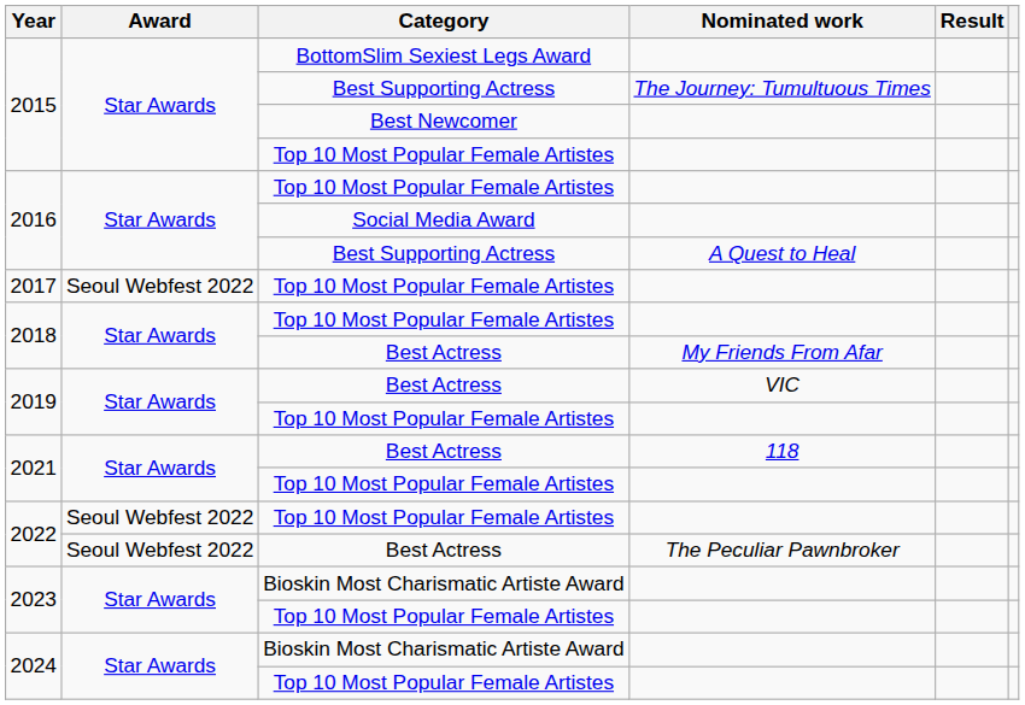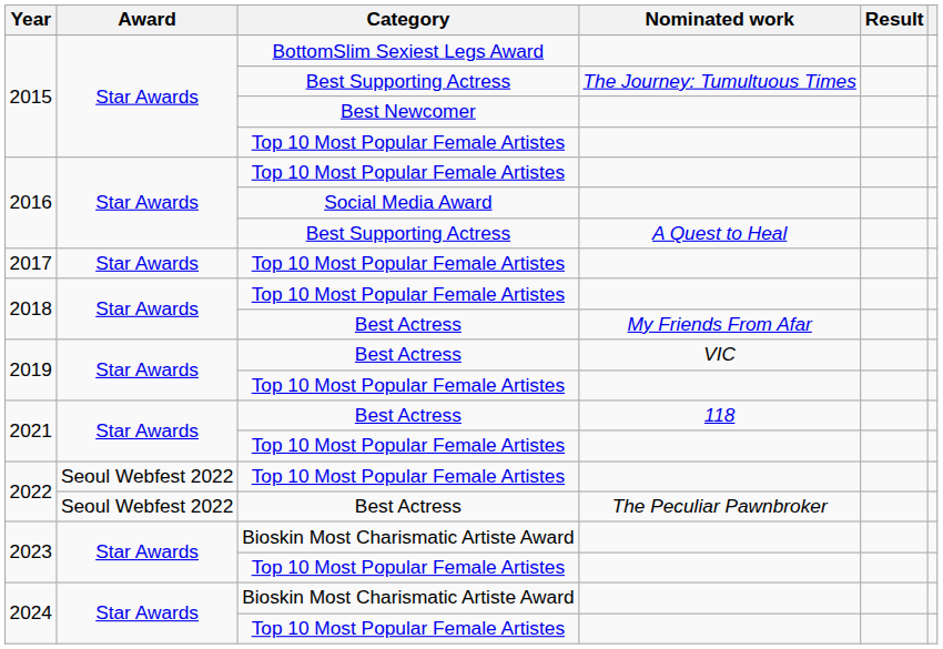 <table class="wikitable sortable" style="text-align: center">
 <tr>
 <th scope="col">Year</th>
 <th scope="col">Award</th>
 <th scope="col">Category</th>
 <th scope="col">Nominated work</th>
 <th scope="col">Result</th>
 <th scope="col" class="unsortable"></th>
 </tr>
 <tr>
 <td rowspan="4">2015</td>
 <td rowspan="4"><a href='#'>Star Awards</a></td>
 <td><a href='#'>BottomSlim Sexiest Legs Award</a></td>
 <td></td>
 <td></td>
 <td></td>
 </tr>
 <tr>
 <td><a href='#'>Best Supporting Actress</a></td>
 <td><em><a href='#'>The Journey: Tumultuous Times</a></em> </td>
 <td></td>
 <td></td>
 </tr>
 <tr>
 <td><a href='#'>Best Newcomer</a></td>
 <td></td>
 <td></td>
 <td></td>
 </tr>
 <tr>
 <td><a href='#'>Top 10 Most Popular Female Artistes</a></td>
 <td></td>
 <td></td>
 <td></td>
 </tr>
 <tr>
 <td rowspan="3">2016</td>
 <td rowspan="3"><a href='#'>Star Awards</a></td>
 <td><a href='#'>Top 10 Most Popular Female Artistes</a></td>
 <td></td>
 <td></td>
 <td></td>
 </tr>
 <tr>
 <td><a href='#'>Social Media Award</a></td>
 <td></td>
 <td></td>
 <td></td>
 </tr>
 <tr>
 <td><a href='#'>Best Supporting Actress</a></td>
 <td><em><a href='#'>A Quest to Heal</a></em> </td>
 <td></td>
 <td></td>
 </tr>
 <tr>
 <td>2017</td>
-<td>Seoul Webfest 2022</td>
+<td><a href='#'>Star Awards</a></td>
 <td><a href='#'>Top 10 Most Popular Female Artistes</a></td>
 <td></td>
 <td></td>
 <td></td>
 </tr>
 <tr>
 <td rowspan="2">2018</td>
 <td rowspan="2"><a href='#'>Star Awards</a></td>
 <td><a href='#'>Top 10 Most Popular Female Artistes</a></td>
 <td></td>
 <td></td>
 <td></td>
 </tr>
 <tr>
 <td><a href='#'>Best Actress</a></td>
 <td><em><a href='#'>My Friends From Afar</a></em> </td>
 <td></td>
 <td></td>
 </tr>
 <tr>
 <td rowspan="2">2019</td>
 <td rowspan="2"><a href='#'>Star Awards</a></td>
 <td><a href='#'>Best Actress</a></td>
 <td><em>VIC</em> </td>
 <td></td>
 <td></td>
 </tr>
 <tr>
 <td><a href='#'>Top 10 Most Popular Female Artistes</a></td>
 <td></td>
 <td></td>
 <td></td>
 </tr>
 <tr>
 <td rowspan="2">2021</td>
 <td rowspan="2"><a href='#'>Star Awards</a></td>
 <td><a href='#'>Best Actress</a></td>
 <td><em><a href='#'>118</a></em> </td>
 <td></td>
 <td></td>
 </tr>
 <tr>
 <td><a href='#'>Top 10 Most Popular Female Artistes</a></td>
 <td></td>
 <td></td>
 <td></td>
 </tr>
 <tr>
 <td rowspan="2">2022</td>
 <td>Seoul Webfest 2022</td>
 <td><a href='#'>Top 10 Most Popular Female Artistes</a></td>
 <td></td>
 <td></td>
 <td></td>
 </tr>
 <tr>
 <td>Seoul Webfest 2022</td>
 <td>Best Actress</td>
 <td><em>The Peculiar Pawnbroker</em> </td>
 <td></td>
 <td></td>
 </tr>
 <tr>
 <td rowspan="2">2023</td>
 <td rowspan="2"><a href='#'>Star Awards</a></td>
 <td>Bioskin Most Charismatic Artiste Award</td>
 <td></td>
 <td></td>
 <td></td>
 </tr>
 <tr>
 <td><a href='#'>Top 10 Most Popular Female Artistes</a></td>
 <td></td>
 <td></td>
 <td></td>
 </tr>
 <tr>
 <td rowspan="2">2024</td>
 <td rowspan="2"><a href='#'>Star Awards</a></td>
 <td>Bioskin Most Charismatic Artiste Award</td>
 <td></td>
 <td></td>
 <td></td>
 </tr>
 <tr>
 <td><a href='#'>Top 10 Most Popular Female Artistes</a></td>
 <td></td>
 <td></td>
 <td></td>
 </tr>
 </table>
